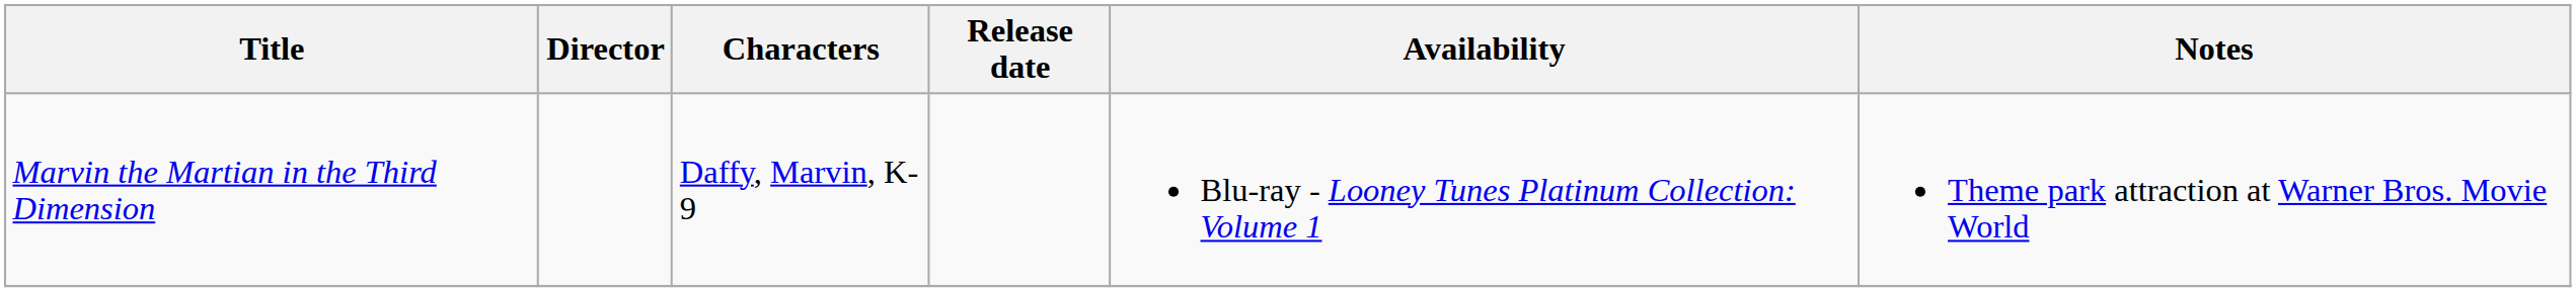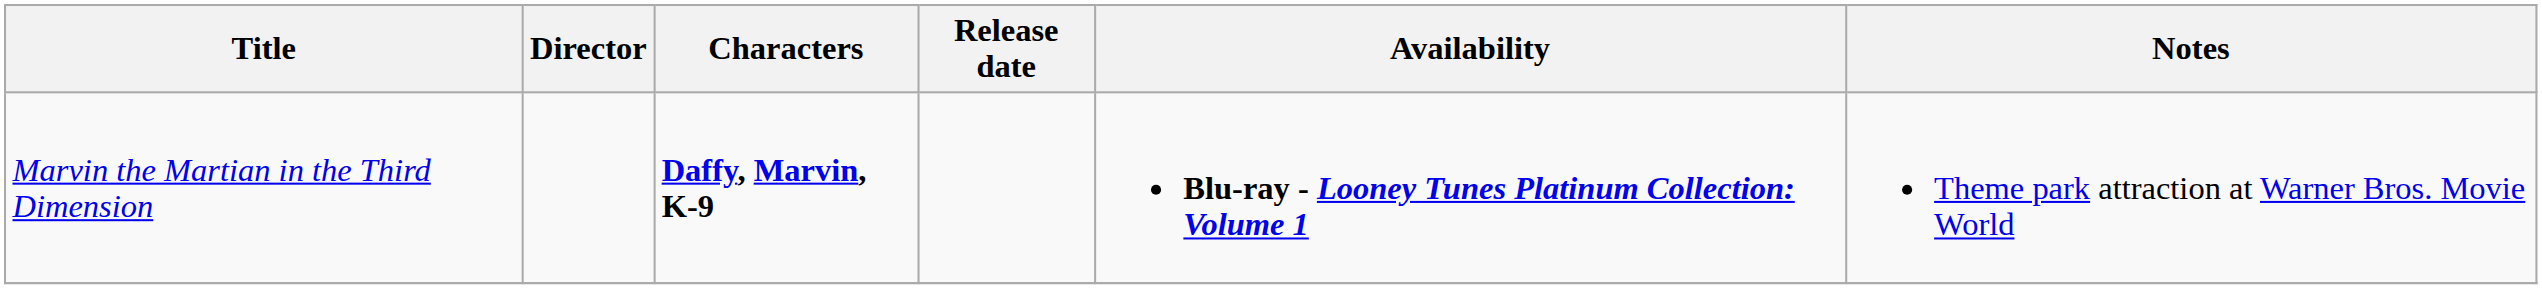 <table class="wikitable sortable">
 <tr>
 <th>Title</th>
 <th>Director</th>
 <th>Characters</th>
 <th>Release date</th>
 <th>Availability</th>
 <th>Notes</th>
 </tr>
 <tr>
 <td><em><a href='#'>Marvin the Martian in the Third Dimension</a></em></td>
 <td></td>
-<td><a href='#'>Daffy</a>, <a href='#'>Marvin</a>, K-9</td>
+<td><strong><a href='#'>Daffy</a>, <a href='#'>Marvin</a>, K-9</strong></td>
 <td></td>
-<td><br><ul><li>Blu-ray - <em><a href='#'>Looney Tunes Platinum Collection: Volume 1</a></em></li></ul></td>
+<td><strong><br><ul><li>Blu-ray - <em><a href='#'>Looney Tunes Platinum Collection: Volume 1</a></em></li></ul></strong></td>
 <td><br><ul><li><a href='#'>Theme park</a> attraction at <a href='#'>Warner Bros. Movie World</a></li></ul></td>
 </tr>
 <tr>
 </tr>
 </table>
